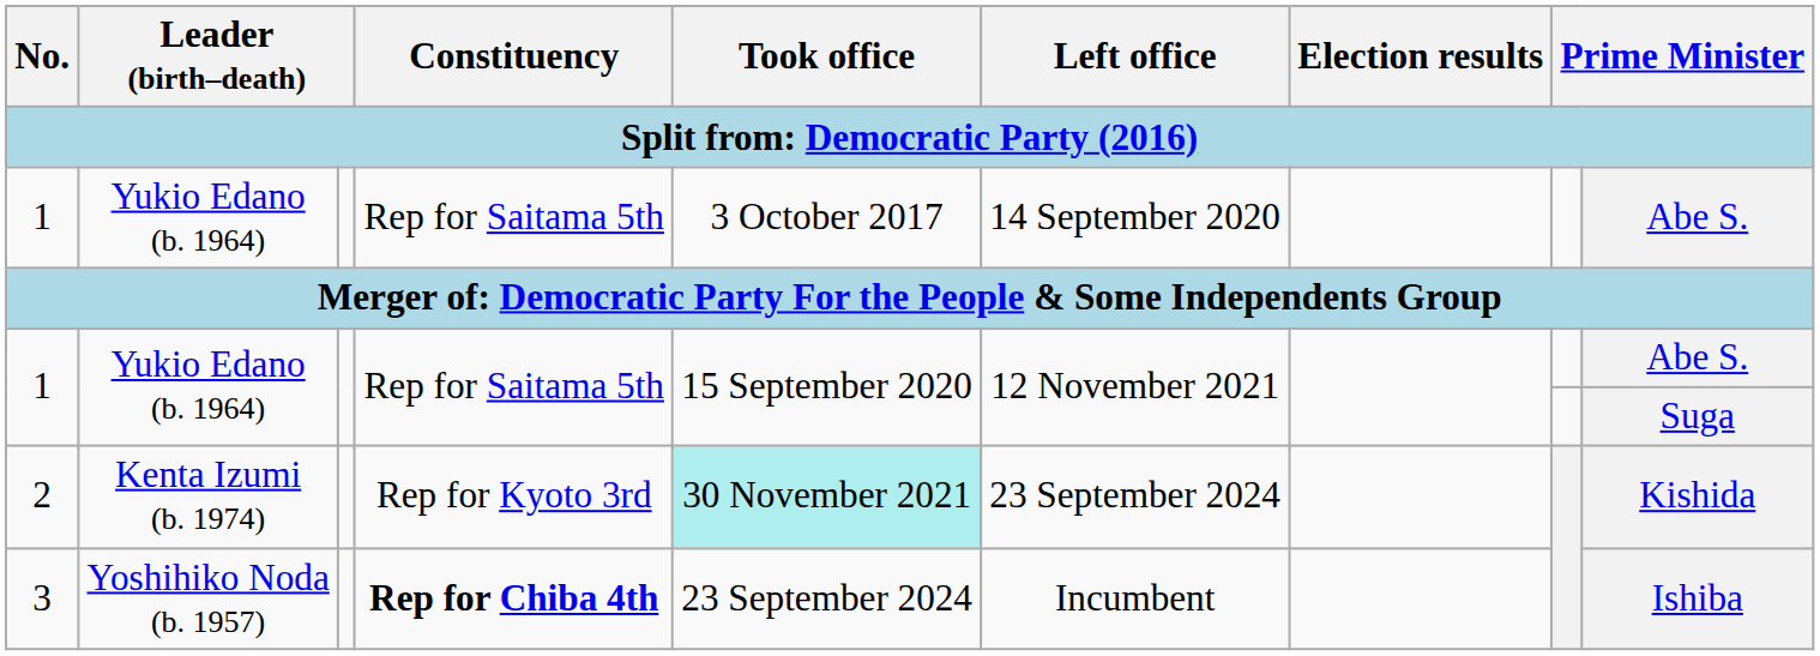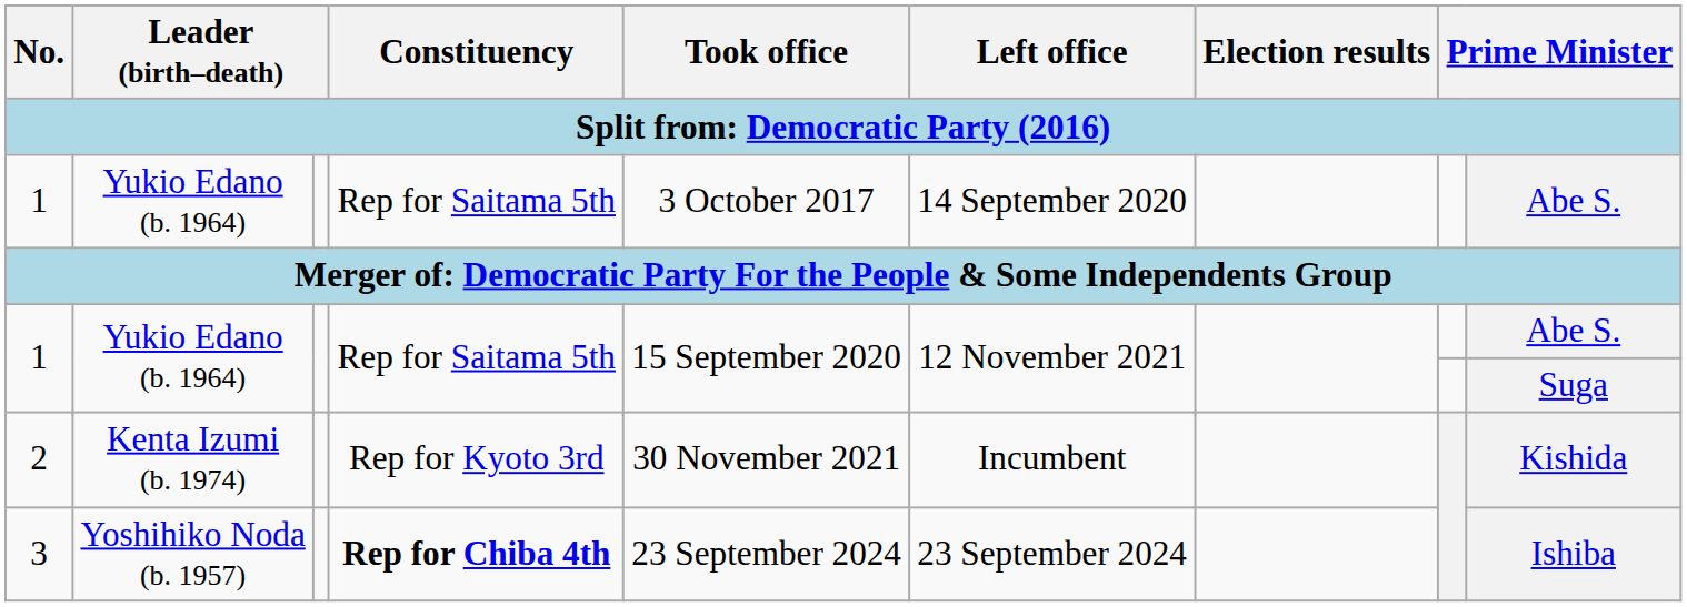 <table class="wikitable sortable" style="text-align:center">
 <tr>
 <th>No.</th>
 <th colspan="2">Leader<br><small>(birth–death)</small></th>
 <th>Constituency</th>
 <th>Took office</th>
 <th>Left office</th>
 <th>Election results</th>
 <th colspan="2"><a href='#'>Prime Minister</a> </th>
 </tr>
 <tr>
 <td bgcolor="lightblue" colspan="9"><strong>Split from: <a href='#'>Democratic Party (2016)</a> </strong></td>
 </tr>
 <tr>
 <td>1</td>
 <td><a href='#'>Yukio Edano</a><br><small>(b. 1964)</small></td>
 <td></td>
 <td>Rep for <a href='#'>Saitama 5th</a></td>
 <td>3 October 2017</td>
 <td>14 September 2020</td>
 <td align=left></td>
 <td style="background-color: "></td>
 <th style="font-weight:normal"><a href='#'>Abe S.</a> <small></small></th>
 </tr>
 <tr>
 <td bgcolor="lightblue" colspan="9"><strong>Merger of: <a href='#'>Democratic Party For the People</a>  & Some Independents Group</strong></td>
 </tr>
 <tr>
 <td rowspan=3>1</td>
 <td rowspan=3><a href='#'>Yukio Edano</a><br><small>(b. 1964)</small></td>
 <td rowspan=3></td>
 <td rowspan=3>Rep for <a href='#'>Saitama 5th</a></td>
 <td rowspan=3>15 September 2020</td>
 <td rowspan=3>12 November 2021</td>
 <td rowspan="3" align=left><br></td>
 <td style="background-color: "></td>
 <th style="font-weight:normal"><a href='#'>Abe S.</a> <small></small></th>
 </tr>
 <tr>
 <td style="background-color: "></td>
 <th style="font-weight:normal"><a href='#'>Suga</a> <small></small></th>
 </tr>
 <tr>
 <th rowspan=3 style="background-color: "></th>
 <th rowspan=2 style="font-weight:normal"><a href='#'>Kishida</a> <small></small></th>
 </tr>
 <tr>
 <td>2</td>
 <td><a href='#'>Kenta Izumi</a><br><small>(b. 1974)</small></td>
 <td></td>
 <td>Rep for <a href='#'>Kyoto 3rd</a></td>
-<td style="background: paleturquoise;">30 November 2021</td>
-<td>23 September 2024</td>
+<td>30 November 2021</td>
+<td>Incumbent</td>
 <td align=left><br></td>
 </tr>
 <tr>
 <td>3</td>
 <td><a href='#'>Yoshihiko Noda</a><br><small>(b. 1957)</small></td>
 <td></td>
 <td><strong>Rep for <a href='#'>Chiba 4th</a></strong></td>
 <td>23 September 2024</td>
-<td>Incumbent</td>
+<td>23 September 2024</td>
 <td align=left><br></td>
 <th style="font-weight:normal"><a href='#'>Ishiba</a> <small></small></th>
 </tr>
 </table>
